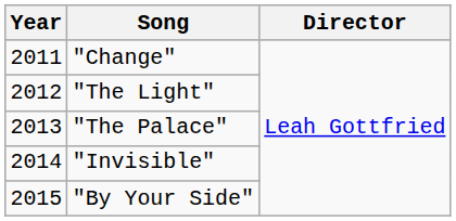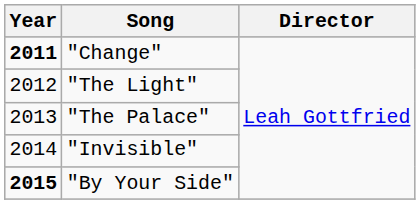 <table class="wikitable">
 <tr>
 <th>Year</th>
 <th>Song</th>
 <th>Director</th>
 </tr>
 <tr>
-<td>2011</td>
+<td><strong>2011</strong></td>
 <td>"Change"</td>
 <td rowspan="5"><a href='#'>Leah Gottfried</a></td>
 </tr>
 <tr>
 <td>2012</td>
 <td>"The Light"</td>
 </tr>
 <tr>
 <td>2013</td>
 <td>"The Palace"</td>
 </tr>
 <tr>
 <td>2014</td>
 <td>"Invisible"</td>
 </tr>
 <tr>
-<td>2015</td>
+<td><strong>2015</strong></td>
 <td>"By Your Side"</td>
 </tr>
 </table>
